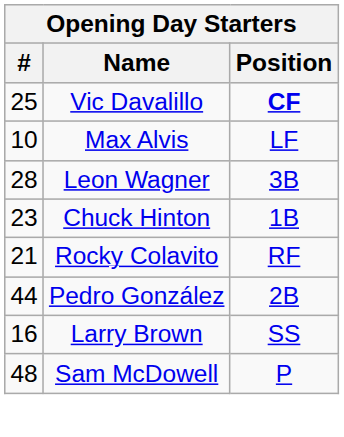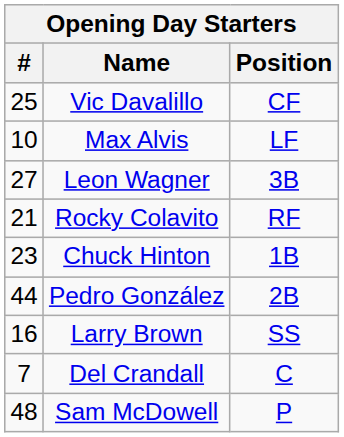 <table class="wikitable" style="text-align:center">
 <tr>
 <th colspan="3">Opening Day Starters</th>
 </tr>
 <tr>
 <th>#</th>
 <th>Name</th>
 <th>Position</th>
 </tr>
 <tr>
 <td>25</td>
 <td><a href='#'>Vic Davalillo</a></td>
-<td><strong><a href='#'>CF</a></strong></td>
+<td><a href='#'>CF</a></td>
 </tr>
 <tr>
 <td>10</td>
 <td><a href='#'>Max Alvis</a></td>
 <td><a href='#'>LF</a></td>
 </tr>
 <tr>
-<td>28</td>
+<td>27</td>
 <td><a href='#'>Leon Wagner</a></td>
 <td><a href='#'>3B</a></td>
+</tr>
+<tr>
+<td>21</td>
+<td><a href='#'>Rocky Colavito</a></td>
+<td><a href='#'>RF</a></td>
 </tr>
 <tr>
 <td>23</td>
 <td><a href='#'>Chuck Hinton</a></td>
 <td><a href='#'>1B</a></td>
-</tr>
-<tr>
-<td>21</td>
-<td><a href='#'>Rocky Colavito</a></td>
-<td><a href='#'>RF</a></td>
 </tr>
 <tr>
 <td>44</td>
 <td><a href='#'>Pedro González</a></td>
 <td><a href='#'>2B</a></td>
 </tr>
 <tr>
 <td>16</td>
 <td><a href='#'>Larry Brown</a></td>
 <td><a href='#'>SS</a></td>
 </tr>
 <tr>
+<td>7</td>
+<td><a href='#'>Del Crandall</a></td>
+<td><a href='#'>C</a></td>
+</tr>
+<tr>
 <td>48</td>
 <td><a href='#'>Sam McDowell</a></td>
 <td><a href='#'>P</a></td>
 </tr>
 </table>
